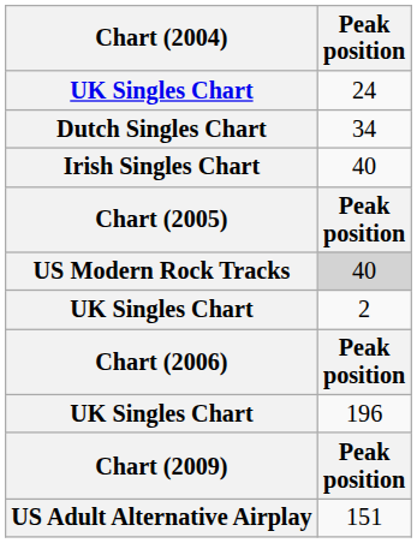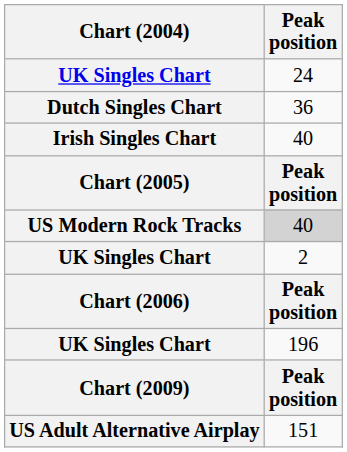 <table class="wikitable sortable plainrowheaders">
 <tr>
 <th scope="col">Chart (2004)</th>
 <th scope="col">Peak<br>position</th>
 </tr>
 <tr>
 <th scope="row"><a href='#'>UK Singles Chart</a></th>
 <td style="text-align:center;">24</td>
 </tr>
 <tr>
 <th scope="row">Dutch Singles Chart</th>
-<td style="text-align:center;">34</td>
+<td style="text-align:center;">36</td>
 </tr>
 <tr>
 <th scope="row">Irish Singles Chart</th>
 <td style="text-align:center;">40</td>
 </tr>
 <tr>
 <th scope="col">Chart (2005)</th>
 <th scope="col">Peak<br>position</th>
 </tr>
 <tr>
 <th scope="row">US Modern Rock Tracks</th>
 <td style="background: lightgrey; text-align:center;">40</td>
 </tr>
 <tr>
 <th scope="row">UK Singles Chart</th>
 <td style="text-align:center;">2</td>
 </tr>
 <tr>
 <th scope="col">Chart (2006)</th>
 <th scope="col">Peak<br>position</th>
 </tr>
 <tr>
 <th scope="row">UK Singles Chart</th>
 <td style="text-align:center;">196</td>
 </tr>
 <tr>
 <th scope="col">Chart (2009)</th>
 <th scope="col">Peak<br>position</th>
 </tr>
 <tr>
 <th scope="row">US Adult Alternative Airplay</th>
 <td style="text-align:center;">151</td>
 </tr>
 </table>
